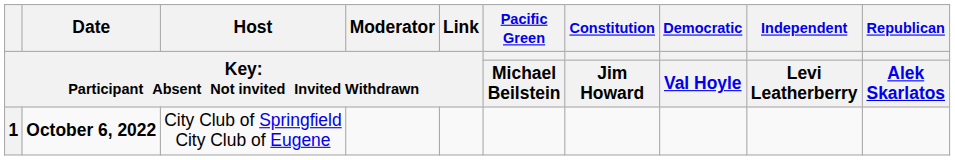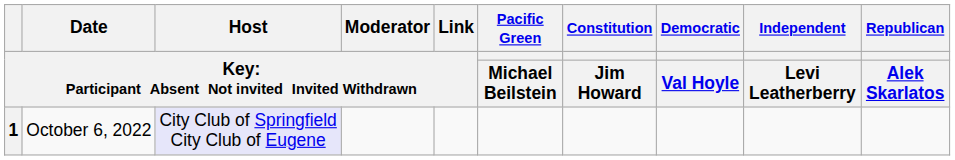 <table class="wikitable" style="text-align:center;">
 <tr>
 <th scope="col"></th>
 <th scope="col">Date</th>
 <th scope="col">Host</th>
 <th scope="col">Moderator</th>
 <th scope="col">Link</th>
 <th scope="col"><small><a href='#'>Pacific Green</a></small></th>
 <th scope="col"><small><a href='#'>Constitution</a></small></th>
 <th scope="col"><small><a href='#'>Democratic</a></small></th>
 <th scope="col"><small><a href='#'>Independent</a></small></th>
 <th scope="col"><small><a href='#'>Republican</a></small></th>
 </tr>
 <tr>
 <th colspan="5" rowspan="2">Key:<br> <small>Participant </small>  <small>Absent </small>  <small>Not invited </small>  <small>Invited  Withdrawn</small></th>
 <th scope="col" style="background:"></th>
 <th scope="col" style="background:"></th>
 <th scope="col" style="background:"></th>
 <th scope="col" style="background:"></th>
 <th scope="col" style="background:"></th>
 </tr>
 <tr>
 <th scope="col">Michael Beilstein</th>
 <th scope="col">Jim Howard</th>
 <th scope="col"><a href='#'>Val Hoyle</a></th>
 <th scope="col">Levi Leatherberry</th>
 <th scope="col"><a href='#'>Alek Skarlatos</a></th>
 </tr>
 <tr>
 <th>1</th>
-<td style="white-space:nowrap;"><strong>October 6, 2022</strong></td>
-<td style="white-space:nowrap;">City Club of <a href='#'>Springfield</a><br>City Club of <a href='#'>Eugene</a></td>
+<td style="white-space:nowrap;">October 6, 2022</td>
+<td style="background: lavender; white-space:nowrap;">City Club of <a href='#'>Springfield</a><br>City Club of <a href='#'>Eugene</a></td>
 <td style="white-space:nowrap;"></td>
 <td style="white-space:nowrap;"></td>
 <td></td>
 <td></td>
 <td></td>
 <td></td>
 <td></td>
 </tr>
 </table>
